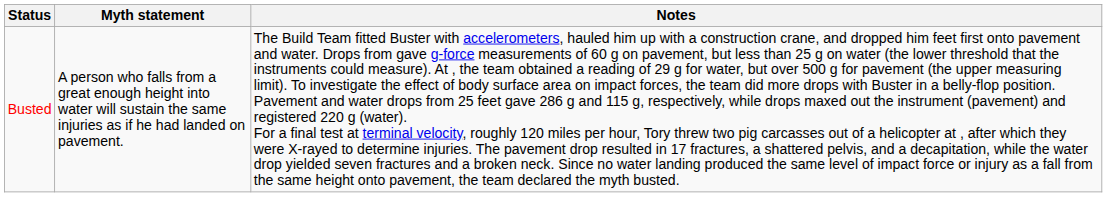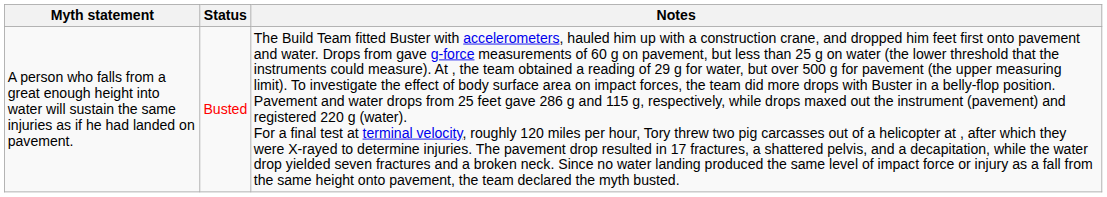 <table class="wikitable plainrowheaders">
 <tr>
+<th>Myth statement</th>
 <th>Status</th>
-<th>Myth statement</th>
 <th>Notes</th>
 </tr>
 <tr>
+<td>A person who falls from a great enough height into water will sustain the same injuries as if he had landed on pavement.</td>
 <td style="color:red">Busted</td>
-<td>A person who falls from a great enough height into water will sustain the same injuries as if he had landed on pavement.</td>
 <td>The Build Team fitted Buster with <a href='#'>accelerometers</a>, hauled him up with a construction crane, and dropped him feet first onto pavement and water. Drops from  gave <a href='#'>g-force</a> measurements of 60 g on pavement, but less than 25 g on water (the lower threshold that the instruments could measure). At , the team obtained a reading of 29 g for water, but over 500 g for pavement (the upper measuring limit). To investigate the effect of body surface area on impact forces, the team did more drops with Buster in a belly-flop position.  Pavement and water drops from 25 feet gave 286 g and 115 g, respectively, while  drops maxed out the instrument (pavement) and registered 220 g (water).<br>For a final test at <a href='#'>terminal velocity</a>, roughly 120 miles per hour, Tory threw two pig carcasses out of a helicopter at , after which they were X-rayed to determine injuries. The pavement drop resulted in 17 fractures, a shattered pelvis, and a decapitation, while the water drop yielded seven fractures and a broken neck. Since no water landing produced the same level of impact force or injury as a fall from the same height onto pavement, the team declared the myth busted.</td>
 </tr>
 </table>
